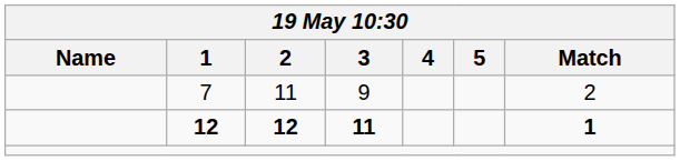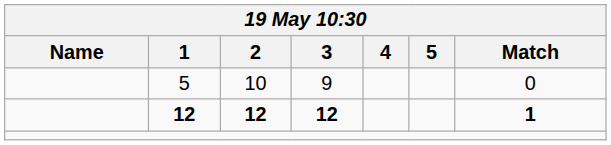 <table class=wikitable style="text-align:center; width: 55%">
 <tr>
 <th colspan=17><em>19 May 10:30</em></th>
 </tr>
 <tr>
 <th>Name</th>
 <th>1</th>
 <th>2</th>
 <th>3</th>
 <th>4</th>
 <th>5</th>
 <th>Match</th>
 </tr>
 <tr>
 <td style="text-align:left;"></td>
-<td>7</td>
-<td>11</td>
+<td>5</td>
+<td>10</td>
 <td>9</td>
 <td></td>
 <td></td>
-<td>2</td>
+<td>0</td>
 </tr>
 <tr>
 <td style="text-align:left;"><strong></strong></td>
 <td><strong>12</strong></td>
 <td><strong>12</strong></td>
-<td><strong>11</strong></td>
+<td><strong>12</strong></td>
 <td></td>
 <td></td>
 <td><strong>1</strong></td>
 </tr>
 <tr>
 <td colspan=17></td>
 </tr>
 </table>
